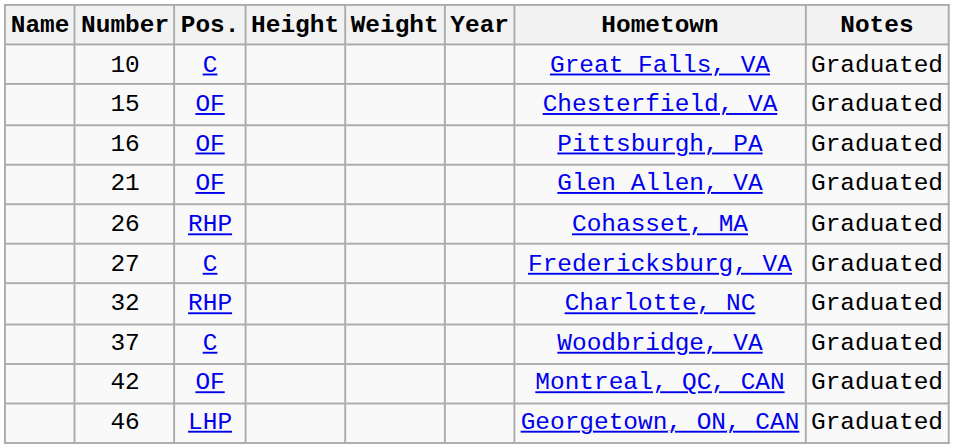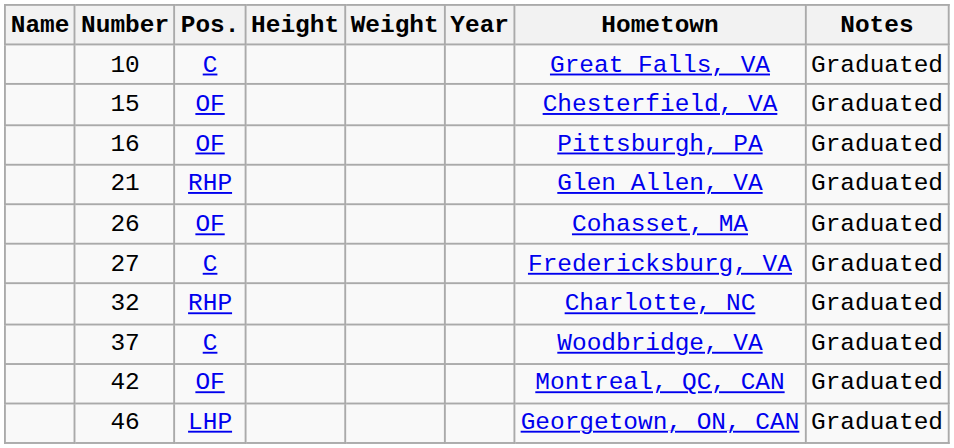 <table class="wikitable sortable sortable" style="text-align: center">
 <tr align=center>
 <th>Name</th>
 <th>Number</th>
 <th>Pos.</th>
 <th>Height</th>
 <th>Weight</th>
 <th>Year</th>
 <th>Hometown</th>
 <th>Notes</th>
 </tr>
 <tr>
 <td></td>
 <td>10</td>
 <td><a href='#'>C</a></td>
 <td></td>
 <td></td>
 <td></td>
 <td><a href='#'>Great Falls, VA</a></td>
 <td>Graduated</td>
 </tr>
 <tr>
 <td></td>
 <td>15</td>
 <td><a href='#'>OF</a></td>
 <td></td>
 <td></td>
 <td></td>
 <td><a href='#'>Chesterfield, VA</a></td>
 <td>Graduated</td>
 </tr>
 <tr>
 <td></td>
 <td>16</td>
 <td><a href='#'>OF</a></td>
 <td></td>
 <td></td>
 <td></td>
 <td><a href='#'>Pittsburgh, PA</a></td>
 <td>Graduated</td>
 </tr>
 <tr>
 <td></td>
 <td>21</td>
-<td><a href='#'>OF</a></td>
+<td><a href='#'>RHP</a></td>
 <td></td>
 <td></td>
 <td></td>
 <td><a href='#'>Glen Allen, VA</a></td>
 <td>Graduated</td>
 </tr>
 <tr>
 <td></td>
 <td>26</td>
-<td><a href='#'>RHP</a></td>
+<td><a href='#'>OF</a></td>
 <td></td>
 <td></td>
 <td></td>
 <td><a href='#'>Cohasset, MA</a></td>
 <td>Graduated</td>
 </tr>
 <tr>
 <td></td>
 <td>27</td>
 <td><a href='#'>C</a></td>
 <td></td>
 <td></td>
 <td></td>
 <td><a href='#'>Fredericksburg, VA</a></td>
 <td>Graduated</td>
 </tr>
 <tr>
 <td></td>
 <td>32</td>
 <td><a href='#'>RHP</a></td>
 <td></td>
 <td></td>
 <td></td>
 <td><a href='#'>Charlotte, NC</a></td>
 <td>Graduated</td>
 </tr>
 <tr>
 <td></td>
 <td>37</td>
 <td><a href='#'>C</a></td>
 <td></td>
 <td></td>
 <td></td>
 <td><a href='#'>Woodbridge, VA</a></td>
 <td>Graduated</td>
 </tr>
 <tr>
 <td></td>
 <td>42</td>
 <td><a href='#'>OF</a></td>
 <td></td>
 <td></td>
 <td></td>
 <td><a href='#'>Montreal, QC, CAN</a></td>
 <td>Graduated</td>
 </tr>
 <tr>
 <td></td>
 <td>46</td>
 <td><a href='#'>LHP</a></td>
 <td></td>
 <td></td>
 <td></td>
 <td><a href='#'>Georgetown, ON, CAN</a></td>
 <td>Graduated</td>
 </tr>
 </table>
